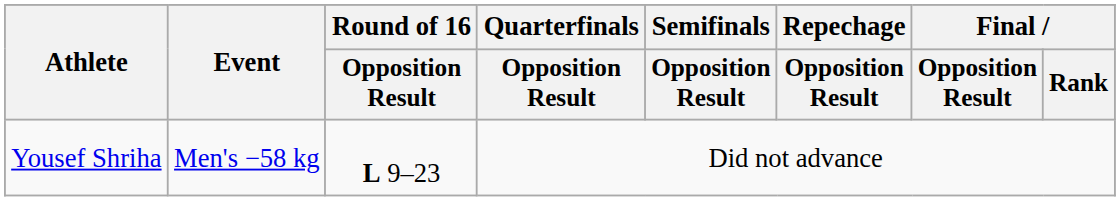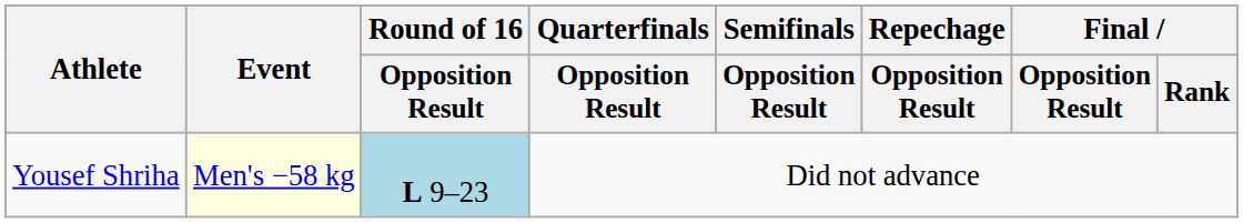 <table class="wikitable" style="font-size:90%;">
 <tr>
 <th rowspan=2>Athlete</th>
 <th rowspan=2>Event</th>
 <th>Round of 16</th>
 <th>Quarterfinals</th>
 <th>Semifinals</th>
 <th>Repechage</th>
 <th colspan=2>Final / </th>
 </tr>
 <tr style="font-size:95%">
 <th>Opposition<br>Result</th>
 <th>Opposition<br>Result</th>
 <th>Opposition<br>Result</th>
 <th>Opposition<br>Result</th>
 <th>Opposition<br>Result</th>
 <th>Rank</th>
 </tr>
 <tr align=center>
 <td align=left><a href='#'>Yousef Shriha</a></td>
-<td align=left><a href='#'>Men's −58 kg</a></td>
-<td><br><strong>L</strong> 9–23 </td>
+<td align=left style="background: lightyellow;"><a href='#'>Men's −58 kg</a></td>
+<td style="background: lightblue;"><br><strong>L</strong> 9–23 </td>
 <td colspan=5>Did not advance</td>
 </tr>
 </table>
